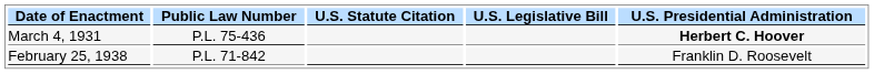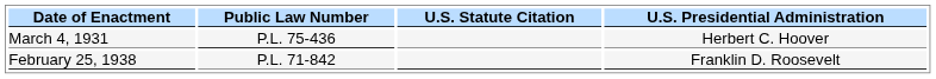 <table style="border:1px solid gray; align:left; width:75%" cellspacing=3 cellpadding=0>
 <tr style="font-weight:bold; text-align:center; background:#bbddff; color:black;">
 <th style=" border-bottom:1.5px solid black">Date of Enactment</th>
 <th style=" border-bottom:1.5px solid black">Public Law Number</th>
 <th style=" border-bottom:1.5px solid black">U.S. Statute Citation</th>
-<th style=" border-bottom:1.5px solid black">U.S. Legislative Bill</th>
 <th style=" border-bottom:1.5px solid black">U.S. Presidential Administration</th>
 </tr>
 <tr>
 <td style="border-bottom:1px solid gray; background:#F5F5F5;">March 4, 1931</td>
 <td style="border-bottom:1.5px solid black; background:#F5F5F5; text-align:center;">P.L. 75-436</td>
 <td style="border-bottom:1px solid gray; background:#F5F5F5; text-align:center;"></td>
-<td style="border-bottom:1px solid gray; background:#F5F5F5; text-align:center;"></td>
-<td style="border-bottom:1px solid gray; background:#F5F5F5; text-align:center;"><strong>Herbert C. Hoover</strong></td>
+<td style="border-bottom:1px solid gray; background:#F5F5F5; text-align:center;">Herbert C. Hoover</td>
 </tr>
 <tr>
 <td style="border-bottom:1.5px solid black; background:#F5F5F5;">February 25, 1938</td>
 <td style="border-bottom:1px solid gray; background:#F5F5F5; text-align:center;">P.L. 71-842</td>
 <td style="border-bottom:1.5px solid black; background:#F5F5F5; text-align:center;"></td>
-<td style="border-bottom:1.5px solid black; background:#F5F5F5; text-align:center;"></td>
 <td style="border-bottom:1.5px solid black; background:#F5F5F5; text-align:center;">Franklin D. Roosevelt</td>
 </tr>
 </table>
